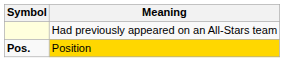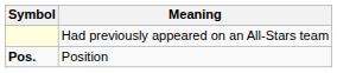 <table Class="wikitable">
 <tr>
 <th scope=col>Symbol</th>
 <th scope=col>Meaning</th>
 </tr>
 <tr>
 <td style="background:#FFFFDD;"></td>
 <td>Had previously appeared on an All-Stars team</td>
 </tr>
 <tr>
 <td><strong>Pos.</strong></td>
-<td style="background: gold;">Position</td>
+<td>Position</td>
 </tr>
 </table>
